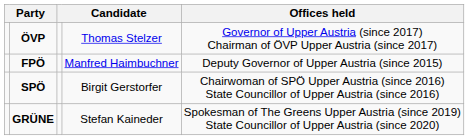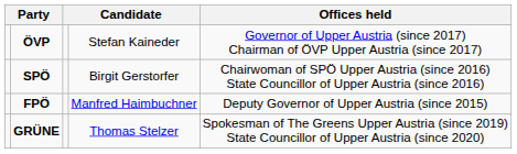 <table class="wikitable" style="text-align:center">
 <tr>
 <th colspan=2>Party</th>
 <th colspan=2>Candidate</th>
 <th>Offices held</th>
 </tr>
 <tr>
 <td style="background:"></td>
 <td><strong>ÖVP</strong></td>
 <td></td>
-<td><a href='#'>Thomas Stelzer</a></td>
+<td>Stefan Kaineder</td>
 <td><a href='#'>Governor of Upper Austria</a> (since 2017)<br>Chairman of ÖVP Upper Austria (since 2017)</td>
+</tr>
+<tr>
+<td style="background:"></td>
+<td><strong>SPÖ</strong></td>
+<td></td>
+<td>Birgit Gerstorfer</td>
+<td>Chairwoman of SPÖ Upper Austria (since 2016)<br>State Councillor of Upper Austria (since 2016)</td>
 </tr>
 <tr>
 <td style="background:"></td>
 <td><strong>FPÖ</strong></td>
 <td></td>
 <td><a href='#'>Manfred Haimbuchner</a></td>
 <td>Deputy Governor of Upper Austria (since 2015)</td>
 </tr>
 <tr>
 <td style="background:"></td>
-<td><strong>SPÖ</strong></td>
-<td></td>
-<td>Birgit Gerstorfer</td>
-<td>Chairwoman of SPÖ Upper Austria (since 2016)<br>State Councillor of Upper Austria (since 2016)</td>
-</tr>
-<tr>
-<td style="background:"></td>
 <td><strong>GRÜNE</strong></td>
 <td></td>
-<td>Stefan Kaineder</td>
+<td><a href='#'>Thomas Stelzer</a></td>
 <td>Spokesman of The Greens Upper Austria (since 2019)<br>State Councillor of Upper Austria (since 2020)</td>
 </tr>
 </table>
